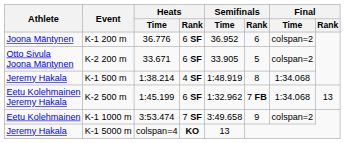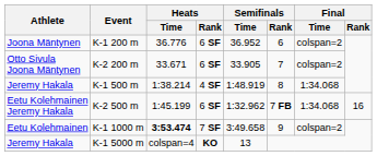 <table class=wikitable style="font-size:90%">
 <tr>
 <th rowspan="2">Athlete</th>
 <th rowspan="2">Event</th>
 <th colspan=2>Heats</th>
 <th colspan=2>Semifinals</th>
 <th colspan=2>Final</th>
 </tr>
 <tr style="font-size:95%">
 <th>Time</th>
 <th>Rank</th>
 <th>Time</th>
 <th>Rank</th>
 <th>Time</th>
 <th>Rank</th>
 </tr>
 <tr align=center>
 <td align=left><a href='#'>Joona Mäntynen</a></td>
 <td align=left>K-1 200 m</td>
 <td>36.776</td>
 <td>6 <strong>SF</strong></td>
 <td>36.952</td>
 <td>6</td>
 <td>colspan=2 </td>
 </tr>
 <tr align=center>
 <td align=left><a href='#'>Otto Sivula</a><br><a href='#'>Joona Mäntynen</a></td>
 <td align=left>K-2 200 m</td>
 <td>33.671</td>
 <td>6 <strong>SF</strong></td>
 <td>33.905</td>
-<td>5</td>
+<td>7</td>
 <td>colspan=2 </td>
 </tr>
 <tr align=center>
 <td align=left><a href='#'>Jeremy Hakala</a></td>
 <td align=left>K-1 500 m</td>
 <td>1:38.214</td>
 <td>4 <strong>SF</strong></td>
 <td>1:48.919</td>
 <td>8</td>
 <td>1:34.068</td>
 </tr>
 <tr align=center>
 <td align=left><a href='#'>Eetu Kolehmainen</a><br><a href='#'>Jeremy Hakala</a></td>
 <td align=left>K-2 500 m</td>
 <td>1:45.199</td>
 <td>6 <strong>SF</strong></td>
 <td>1:32.962</td>
 <td>7 <strong>FB</strong></td>
 <td>1:34.068</td>
-<td>13</td>
+<td>16</td>
 </tr>
 <tr align=center>
 <td align=left><a href='#'>Eetu Kolehmainen</a></td>
 <td align=left>K-1 1000 m</td>
-<td>3:53.474</td>
+<td><strong>3:53.474</strong></td>
 <td>7 <strong>SF</strong></td>
 <td>3:49.658</td>
 <td>9</td>
 <td>colspan=2 </td>
 </tr>
 <tr align=center>
 <td align=left><a href='#'>Jeremy Hakala</a></td>
 <td align=left>K-1 5000 m</td>
 <td>colspan=4 </td>
 <td><strong>KO</strong></td>
 <td>13</td>
 </tr>
 </table>
